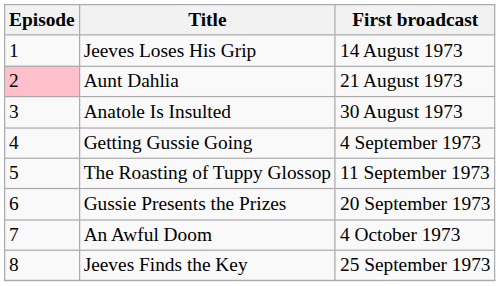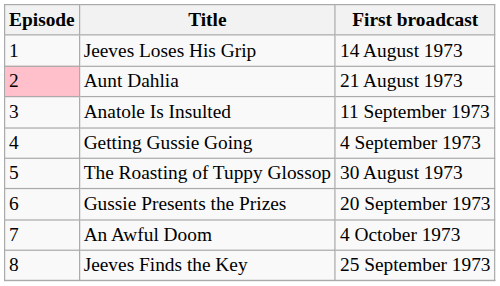 <table class="wikitable">
 <tr>
 <th>Episode</th>
 <th>Title</th>
 <th>First broadcast</th>
 </tr>
 <tr>
 <td>1</td>
 <td>Jeeves Loses His Grip</td>
 <td>14 August 1973</td>
 </tr>
 <tr>
 <td style="background: pink;">2</td>
 <td>Aunt Dahlia</td>
 <td>21 August 1973</td>
 </tr>
 <tr>
 <td>3</td>
 <td>Anatole Is Insulted</td>
-<td>30 August 1973</td>
+<td>11 September 1973</td>
 </tr>
 <tr>
 <td>4</td>
 <td>Getting Gussie Going</td>
 <td>4 September 1973</td>
 </tr>
 <tr>
 <td>5</td>
 <td>The Roasting of Tuppy Glossop</td>
-<td>11 September 1973</td>
+<td>30 August 1973</td>
 </tr>
 <tr>
 <td>6</td>
 <td>Gussie Presents the Prizes</td>
 <td>20 September 1973</td>
 </tr>
 <tr>
 <td>7</td>
 <td>An Awful Doom</td>
 <td>4 October 1973</td>
 </tr>
 <tr>
 <td>8</td>
 <td>Jeeves Finds the Key</td>
 <td>25 September 1973</td>
 </tr>
 <tr>
 </tr>
 </table>
